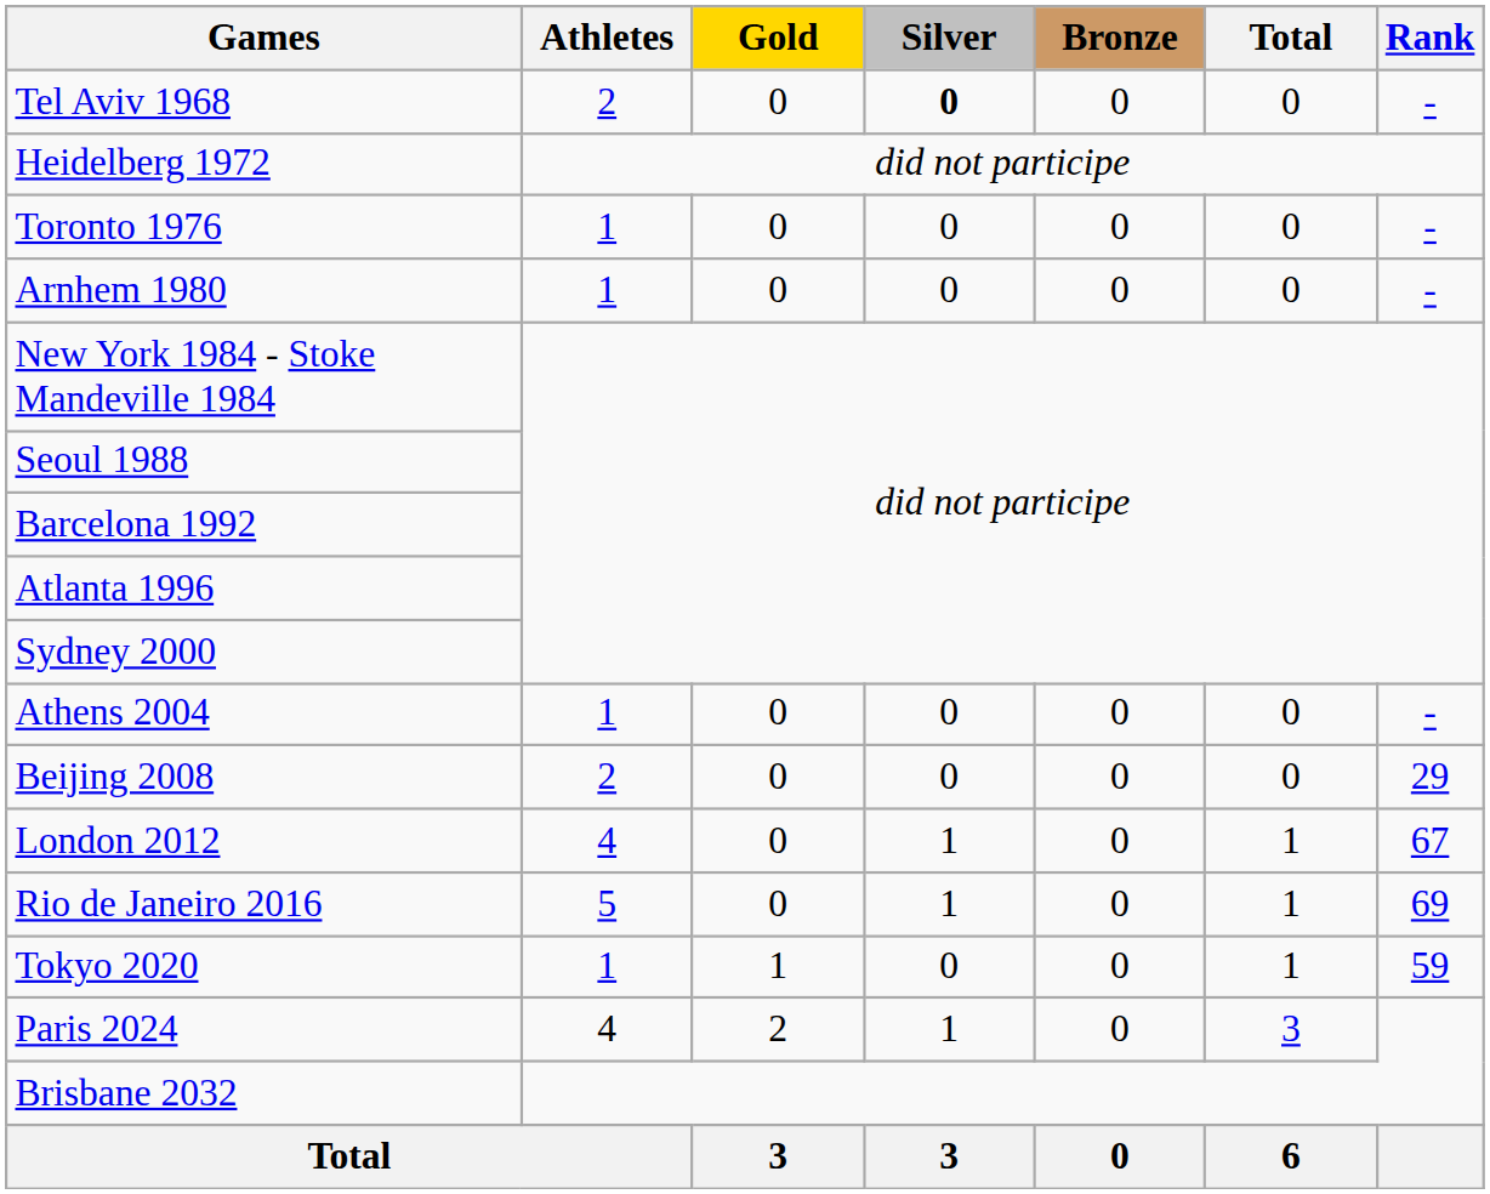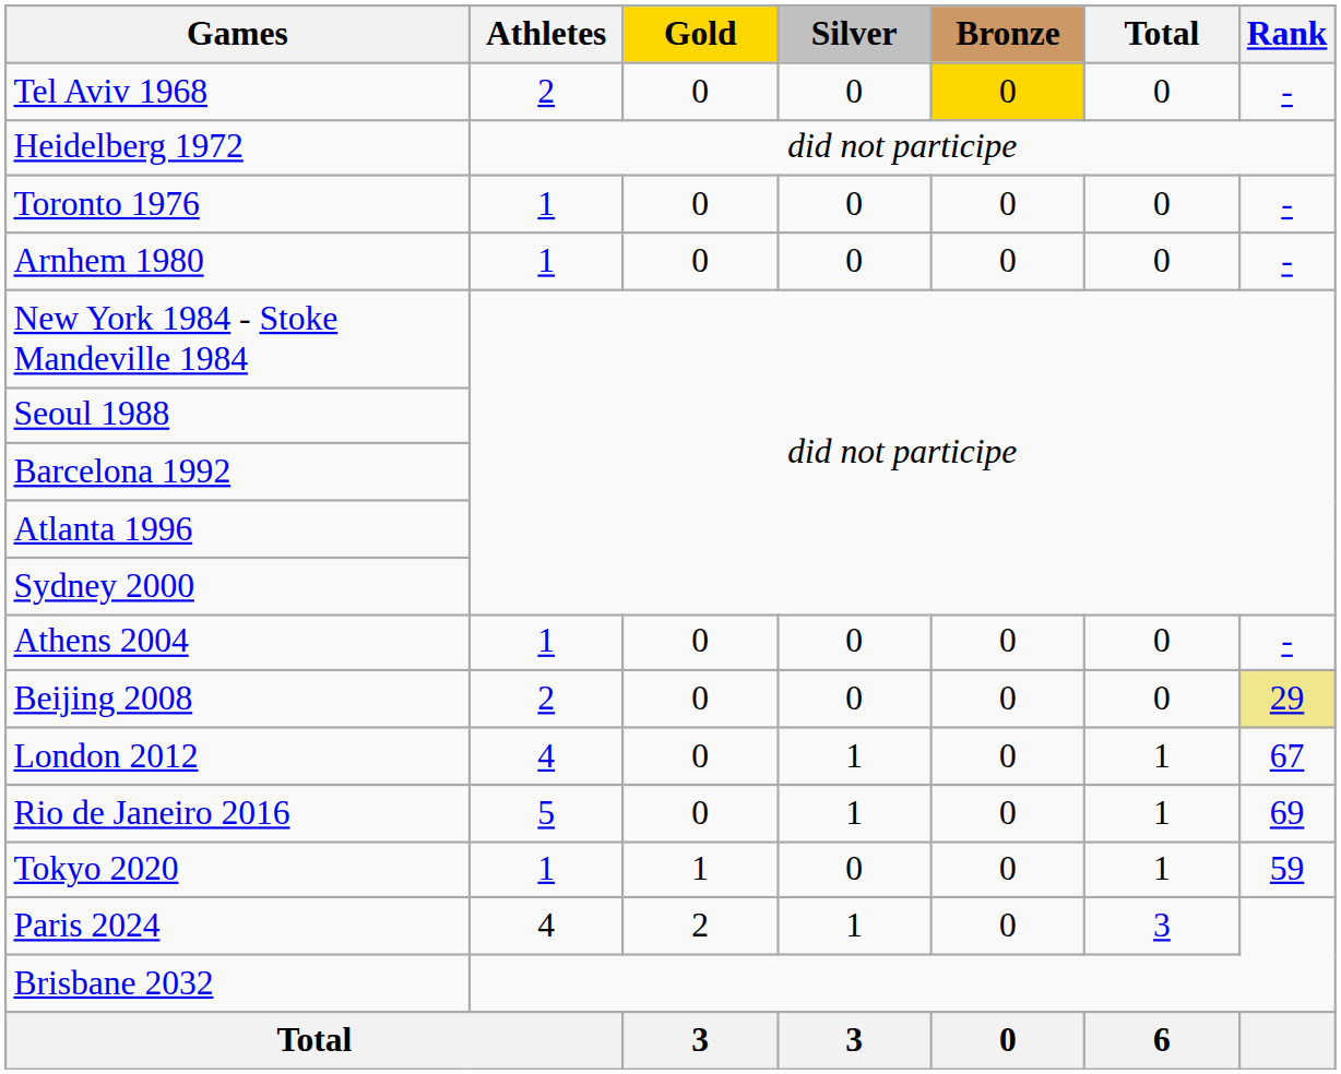 <table class="wikitable" style="text-align:center; font-size:90%;">
 <tr>
 <th style="width:13em;">Games</th>
 <th style="width:4em;">Athletes</th>
 <th style="width:4em; background:gold;">Gold</th>
 <th style="width:4em; background:silver;">Silver</th>
 <th style="width:4em; background:#cc9966;">Bronze</th>
 <th style="width:4em;">Total</th>
 <th style="width:2em;"><a href='#'>Rank</a></th>
 </tr>
 <tr>
 <td align=left> <a href='#'>Tel Aviv 1968</a></td>
 <td><a href='#'>2</a></td>
 <td>0</td>
-<td><strong>0</strong></td>
 <td>0</td>
+<td style="background: gold;">0</td>
 <td>0</td>
 <td><a href='#'>-</a></td>
 </tr>
 <tr>
 <td align=left> <a href='#'>Heidelberg 1972</a></td>
 <td colspan=6><em>did not participe</em></td>
 </tr>
 <tr>
 <td align=left> <a href='#'>Toronto 1976</a></td>
 <td><a href='#'>1</a></td>
 <td>0</td>
 <td>0</td>
 <td>0</td>
 <td>0</td>
 <td><a href='#'>-</a></td>
 </tr>
 <tr>
 <td align=left> <a href='#'>Arnhem 1980</a></td>
 <td><a href='#'>1</a></td>
 <td>0</td>
 <td>0</td>
 <td>0</td>
 <td>0</td>
 <td><a href='#'>-</a></td>
 </tr>
 <tr>
 <td align=left> <a href='#'>New York 1984</a> -  <a href='#'>Stoke Mandeville 1984</a></td>
 <td colspan=6; rowspan=5><em>did not participe</em></td>
 </tr>
 <tr>
 <td align=left> <a href='#'>Seoul 1988</a></td>
 </tr>
 <tr>
 <td align=left> <a href='#'>Barcelona 1992</a></td>
 </tr>
 <tr>
 <td align=left> <a href='#'>Atlanta 1996</a></td>
 </tr>
 <tr>
 <td align=left> <a href='#'>Sydney 2000</a></td>
 </tr>
 <tr>
 <td align=left> <a href='#'>Athens 2004</a></td>
 <td><a href='#'>1</a></td>
 <td>0</td>
 <td>0</td>
 <td>0</td>
 <td>0</td>
 <td><a href='#'>-</a></td>
 </tr>
 <tr>
 <td align=left> <a href='#'>Beijing 2008</a></td>
 <td><a href='#'>2</a></td>
 <td>0</td>
 <td>0</td>
 <td>0</td>
 <td>0</td>
-<td><a href='#'>29</a></td>
+<td style="background: khaki;"><a href='#'>29</a></td>
 </tr>
 <tr>
 <td align=left> <a href='#'>London 2012</a></td>
 <td><a href='#'>4</a></td>
 <td>0</td>
 <td>1</td>
 <td>0</td>
 <td>1</td>
 <td><a href='#'>67</a></td>
 </tr>
 <tr>
 <td align=left> <a href='#'>Rio de Janeiro 2016</a></td>
 <td><a href='#'>5</a></td>
 <td>0</td>
 <td>1</td>
 <td>0</td>
 <td>1</td>
 <td><a href='#'>69</a></td>
 </tr>
 <tr>
 <td align=left> <a href='#'>Tokyo 2020</a></td>
 <td><a href='#'>1</a></td>
 <td>1</td>
 <td>0</td>
 <td>0</td>
 <td>1</td>
 <td><a href='#'>59</a></td>
 </tr>
 <tr>
 <td align=left> <a href='#'>Paris 2024</a></td>
 <td>4</td>
 <td>2</td>
 <td>1</td>
 <td>0</td>
 <td><a href='#'>3</a></td>
 </tr>
 <tr>
 <td align=left> <a href='#'>Brisbane 2032</a></td>
 </tr>
 <tr>
 <th colspan=2>Total</th>
 <th>3</th>
 <th>3</th>
 <th>0</th>
 <th>6</th>
 <th><a href='#'></a></th>
 </tr>
 </table>
